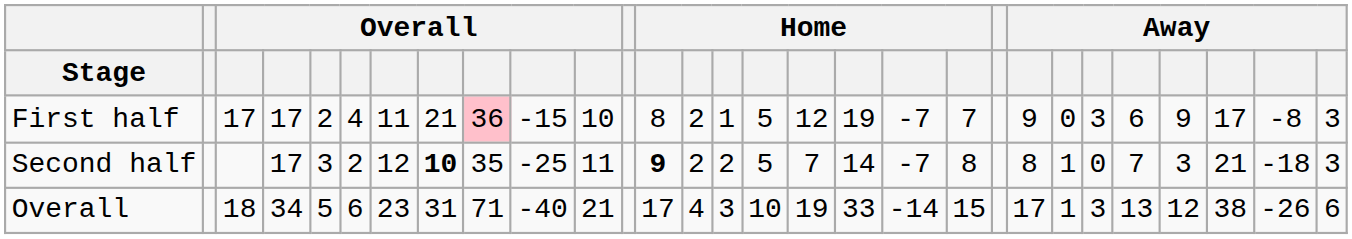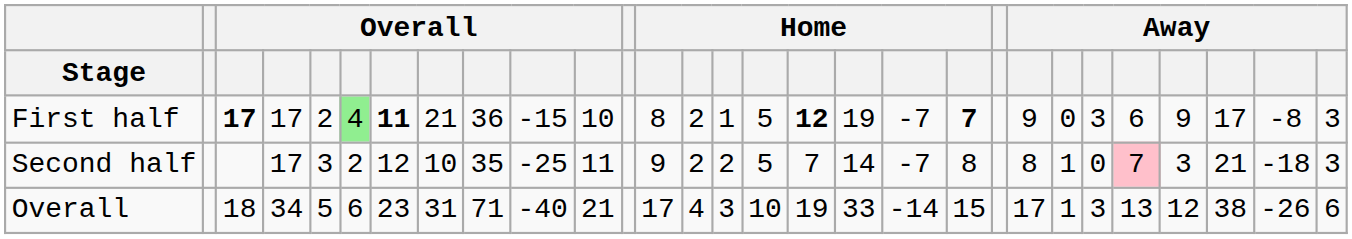 <table class="wikitable" style="text-align: center;">
 <tr>
 <th rawspan=1></th>
 <th rawspan=1></th>
 <th colspan=9>Overall</th>
 <th rawspan=1></th>
 <th colspan=8>Home</th>
 <th rawspan=1></th>
 <th colspan=8>Away</th>
 </tr>
 <tr>
 <th>Stage</th>
 <th></th>
 <th></th>
 <th></th>
 <th></th>
 <th></th>
 <th></th>
 <th></th>
 <th></th>
 <th></th>
 <th></th>
 <th></th>
 <th></th>
 <th></th>
 <th></th>
 <th></th>
 <th></th>
 <th></th>
 <th></th>
 <th></th>
 <th></th>
 <th></th>
 <th></th>
 <th></th>
 <th></th>
 <th></th>
 <th></th>
 <th></th>
 <th></th>
 </tr>
 <tr>
 <td align="left">First half</td>
 <td></td>
-<td>17</td>
+<td><strong>17</strong></td>
 <td>17</td>
 <td>2</td>
-<td>4</td>
-<td>11</td>
+<td style="background: lightgreen;">4</td>
+<td><strong>11</strong></td>
 <td>21</td>
-<td style="background: pink;">36</td>
+<td>36</td>
 <td>-15</td>
 <td>10</td>
 <td></td>
 <td>8</td>
 <td>2</td>
 <td>1</td>
 <td>5</td>
-<td>12</td>
+<td><strong>12</strong></td>
 <td>19</td>
 <td>-7</td>
-<td>7</td>
+<td><strong>7</strong></td>
 <td></td>
 <td>9</td>
 <td>0</td>
 <td>3</td>
 <td>6</td>
 <td>9</td>
 <td>17</td>
 <td>-8</td>
 <td>3</td>
 </tr>
 <tr>
 <td align="left">Second half</td>
 <td></td>
 <td></td>
 <td>17</td>
 <td>3</td>
 <td>2</td>
 <td>12</td>
-<td><strong>10</strong></td>
+<td>10</td>
 <td>35</td>
 <td>-25</td>
 <td>11</td>
 <td></td>
-<td><strong>9</strong></td>
+<td>9</td>
 <td>2</td>
 <td>2</td>
 <td>5</td>
 <td>7</td>
 <td>14</td>
 <td>-7</td>
 <td>8</td>
 <td></td>
 <td>8</td>
 <td>1</td>
 <td>0</td>
-<td>7</td>
+<td style="background: pink;">7</td>
 <td>3</td>
 <td>21</td>
 <td>-18</td>
 <td>3</td>
 </tr>
 <tr>
 <td align="left">Overall</td>
 <td></td>
 <td>18</td>
 <td>34</td>
 <td>5</td>
 <td>6</td>
 <td>23</td>
 <td>31</td>
 <td>71</td>
 <td>-40</td>
 <td>21</td>
 <td></td>
 <td>17</td>
 <td>4</td>
 <td>3</td>
 <td>10</td>
 <td>19</td>
 <td>33</td>
 <td>-14</td>
 <td>15</td>
 <td></td>
 <td>17</td>
 <td>1</td>
 <td>3</td>
 <td>13</td>
 <td>12</td>
 <td>38</td>
 <td>-26</td>
 <td>6</td>
 </tr>
 </table>
